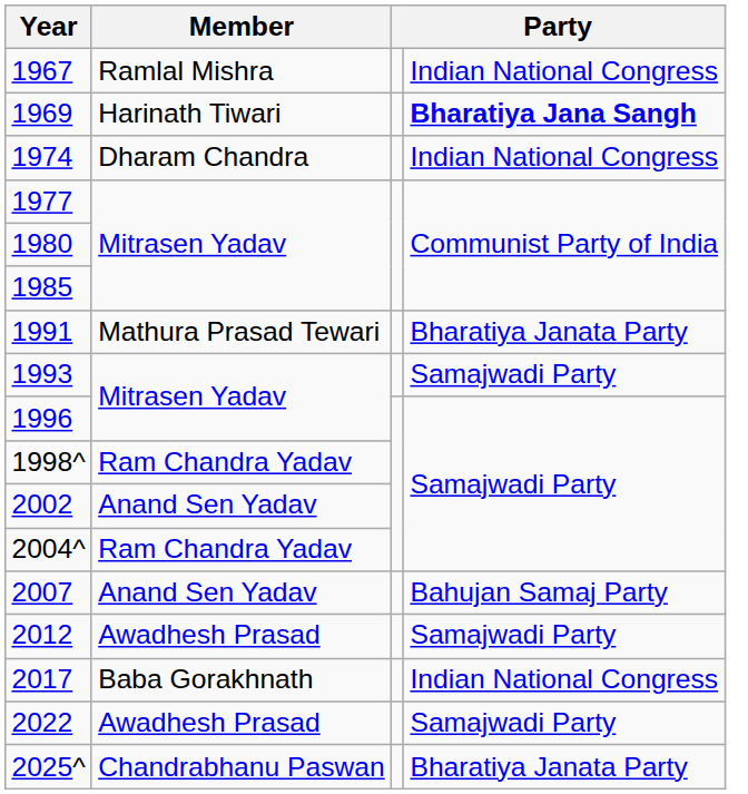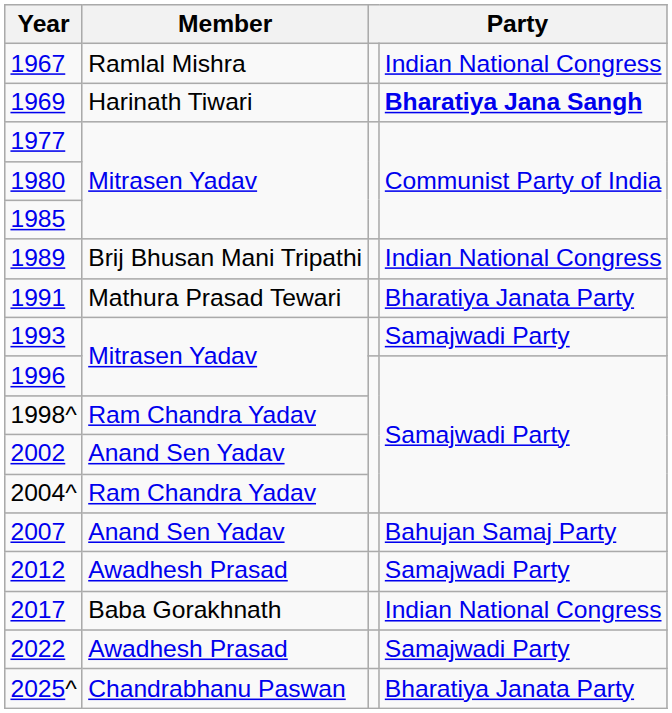 <table class="wikitable">
 <tr>
 <th>Year</th>
 <th>Member</th>
 <th colspan="2">Party</th>
 </tr>
 <tr>
 <td><a href='#'>1967</a></td>
 <td>Ramlal Mishra</td>
 <td style="background-color: "></td>
 <td><a href='#'>Indian National Congress</a></td>
 </tr>
 <tr>
 <td><a href='#'>1969</a></td>
 <td>Harinath Tiwari</td>
 <td style="background-color: "></td>
 <td><strong><a href='#'>Bharatiya Jana Sangh</a></strong></td>
 </tr>
 <tr>
-<td><a href='#'>1974</a></td>
-<td>Dharam Chandra</td>
-<td style="background-color: "></td>
-<td><a href='#'>Indian National Congress</a></td>
-</tr>
-<tr>
 <td><a href='#'>1977</a></td>
 <td rowspan="3"><a href='#'>Mitrasen Yadav</a></td>
 <td rowspan="3" style="background-color: "></td>
 <td rowspan="3"><a href='#'>Communist Party of India</a></td>
 </tr>
 <tr>
 <td><a href='#'>1980</a></td>
 </tr>
 <tr>
 <td><a href='#'>1985</a></td>
+</tr>
+<tr>
+<td><a href='#'>1989</a></td>
+<td>Brij Bhusan Mani Tripathi</td>
+<td style="background-color: "></td>
+<td><a href='#'>Indian National Congress</a></td>
 </tr>
 <tr>
 <td><a href='#'>1991</a></td>
 <td>Mathura Prasad Tewari</td>
 <td style="background-color: "></td>
 <td><a href='#'>Bharatiya Janata Party</a></td>
 </tr>
 <tr>
 <td><a href='#'>1993</a></td>
 <td rowspan="2"><a href='#'>Mitrasen Yadav</a></td>
 <td style="background-color: "></td>
 <td><a href='#'>Samajwadi Party</a></td>
 </tr>
 <tr>
 <td><a href='#'>1996</a></td>
 <td rowspan="4" style="background-color: "></td>
 <td rowspan="4"><a href='#'>Samajwadi Party</a></td>
 </tr>
 <tr>
 <td>1998^</td>
 <td><a href='#'>Ram Chandra Yadav</a></td>
 </tr>
 <tr>
 <td><a href='#'>2002</a></td>
 <td><a href='#'>Anand Sen Yadav</a></td>
 </tr>
 <tr>
 <td>2004^</td>
 <td><a href='#'>Ram Chandra Yadav</a></td>
 </tr>
 <tr>
 <td><a href='#'>2007</a></td>
 <td><a href='#'>Anand Sen Yadav</a></td>
 <td style="background-color: "></td>
 <td><a href='#'>Bahujan Samaj Party</a></td>
 </tr>
 <tr>
 <td><a href='#'>2012</a></td>
 <td><a href='#'>Awadhesh Prasad</a></td>
 <td style="background-color: "></td>
 <td><a href='#'>Samajwadi Party</a></td>
 </tr>
 <tr>
 <td><a href='#'>2017</a></td>
 <td>Baba Gorakhnath</td>
 <td style="background-color: "></td>
 <td><a href='#'>Indian National Congress</a></td>
 </tr>
 <tr>
 <td><a href='#'>2022</a></td>
 <td><a href='#'>Awadhesh Prasad</a></td>
 <td style="background-color: "></td>
 <td><a href='#'>Samajwadi Party</a></td>
 </tr>
 <tr>
 <td><a href='#'>2025</a>^</td>
 <td><a href='#'>Chandrabhanu Paswan</a></td>
 <td style="background-color: "></td>
 <td><a href='#'>Bharatiya Janata Party</a></td>
 </tr>
 <tr>
 </tr>
 </table>
